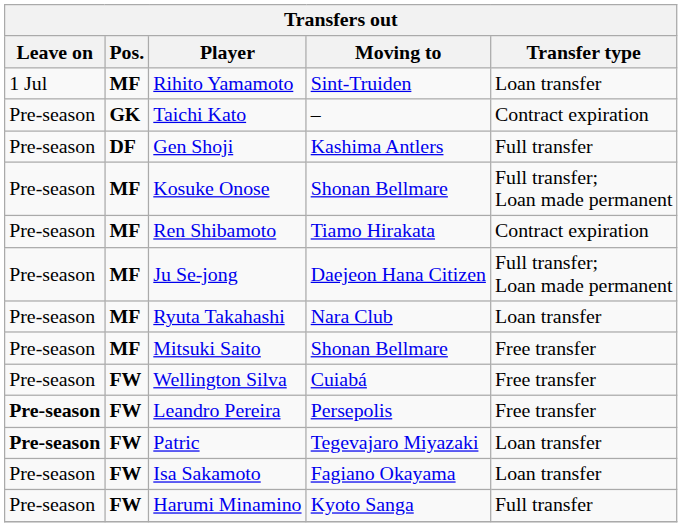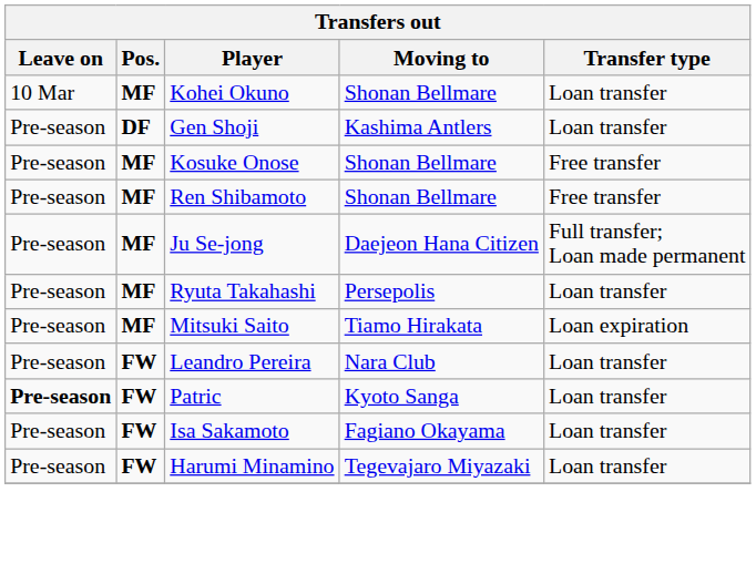 <table class="wikitable sortable" style=“text-align:left;>
 <tr>
 <th colspan="5">Transfers out</th>
 </tr>
 <tr>
 <th>Leave on</th>
 <th>Pos.</th>
 <th>Player</th>
 <th>Moving to</th>
 <th>Transfer type</th>
 </tr>
 <tr>
-<td>1 Jul</td>
+<td>10 Mar</td>
 <td><strong>MF</strong></td>
-<td> <a href='#'>Rihito Yamamoto</a></td>
-<td> <a href='#'>Sint-Truiden</a></td>
+<td> <a href='#'>Kohei Okuno</a></td>
+<td> <a href='#'>Shonan Bellmare</a></td>
 <td>Loan transfer</td>
-</tr>
-<tr>
-<td>Pre-season</td>
-<td><strong>GK</strong></td>
-<td> <a href='#'>Taichi Kato</a></td>
-<td>–</td>
-<td>Contract expiration</td>
 </tr>
 <tr>
 <td>Pre-season</td>
 <td><strong>DF</strong></td>
 <td> <a href='#'>Gen Shoji</a></td>
 <td> <a href='#'>Kashima Antlers</a></td>
-<td>Full transfer</td>
+<td>Loan transfer</td>
 </tr>
 <tr>
 <td>Pre-season</td>
 <td><strong>MF</strong></td>
 <td> <a href='#'>Kosuke Onose</a></td>
 <td> <a href='#'>Shonan Bellmare</a></td>
-<td>Full transfer;<br> Loan made permanent</td>
+<td>Free transfer</td>
 </tr>
 <tr>
 <td>Pre-season</td>
 <td><strong>MF</strong></td>
 <td> <a href='#'>Ren Shibamoto</a></td>
-<td> <a href='#'>Tiamo Hirakata</a></td>
-<td>Contract expiration</td>
+<td> <a href='#'>Shonan Bellmare</a></td>
+<td>Free transfer</td>
 </tr>
 <tr>
 <td>Pre-season</td>
 <td><strong>MF</strong></td>
 <td> <a href='#'>Ju Se-jong</a></td>
 <td> <a href='#'>Daejeon Hana Citizen</a></td>
 <td>Full transfer;<br> Loan made permanent</td>
 </tr>
 <tr>
 <td>Pre-season</td>
 <td><strong>MF</strong></td>
 <td> <a href='#'>Ryuta Takahashi</a></td>
-<td> <a href='#'>Nara Club</a></td>
+<td> <a href='#'>Persepolis</a></td>
 <td>Loan transfer</td>
 </tr>
 <tr>
 <td>Pre-season</td>
 <td><strong>MF</strong></td>
 <td> <a href='#'>Mitsuki Saito</a></td>
-<td> <a href='#'>Shonan Bellmare</a></td>
-<td>Free transfer</td>
+<td> <a href='#'>Tiamo Hirakata</a></td>
+<td>Loan expiration</td>
 </tr>
 <tr>
 <td>Pre-season</td>
 <td><strong>FW</strong></td>
-<td> <a href='#'>Wellington Silva</a></td>
-<td> <a href='#'>Cuiabá</a></td>
-<td>Free transfer</td>
-</tr>
-<tr>
-<td><strong>Pre-season</strong></td>
-<td><strong>FW</strong></td>
 <td> <a href='#'>Leandro Pereira</a></td>
-<td> <a href='#'>Persepolis</a></td>
-<td>Free transfer</td>
+<td> <a href='#'>Nara Club</a></td>
+<td>Loan transfer</td>
 </tr>
 <tr>
 <td><strong>Pre-season</strong></td>
 <td><strong>FW</strong></td>
 <td> <a href='#'>Patric</a></td>
-<td> <a href='#'>Tegevajaro Miyazaki</a></td>
+<td> <a href='#'>Kyoto Sanga</a></td>
 <td>Loan transfer</td>
 </tr>
 <tr>
 <td>Pre-season</td>
 <td><strong>FW</strong></td>
 <td> <a href='#'>Isa Sakamoto</a></td>
 <td> <a href='#'>Fagiano Okayama</a></td>
 <td>Loan transfer</td>
 </tr>
 <tr>
 <td>Pre-season</td>
 <td><strong>FW</strong></td>
 <td> <a href='#'>Harumi Minamino</a></td>
-<td> <a href='#'>Kyoto Sanga</a></td>
-<td>Full transfer</td>
+<td> <a href='#'>Tegevajaro Miyazaki</a></td>
+<td>Loan transfer</td>
 </tr>
 <tr>
 </tr>
 </table>
